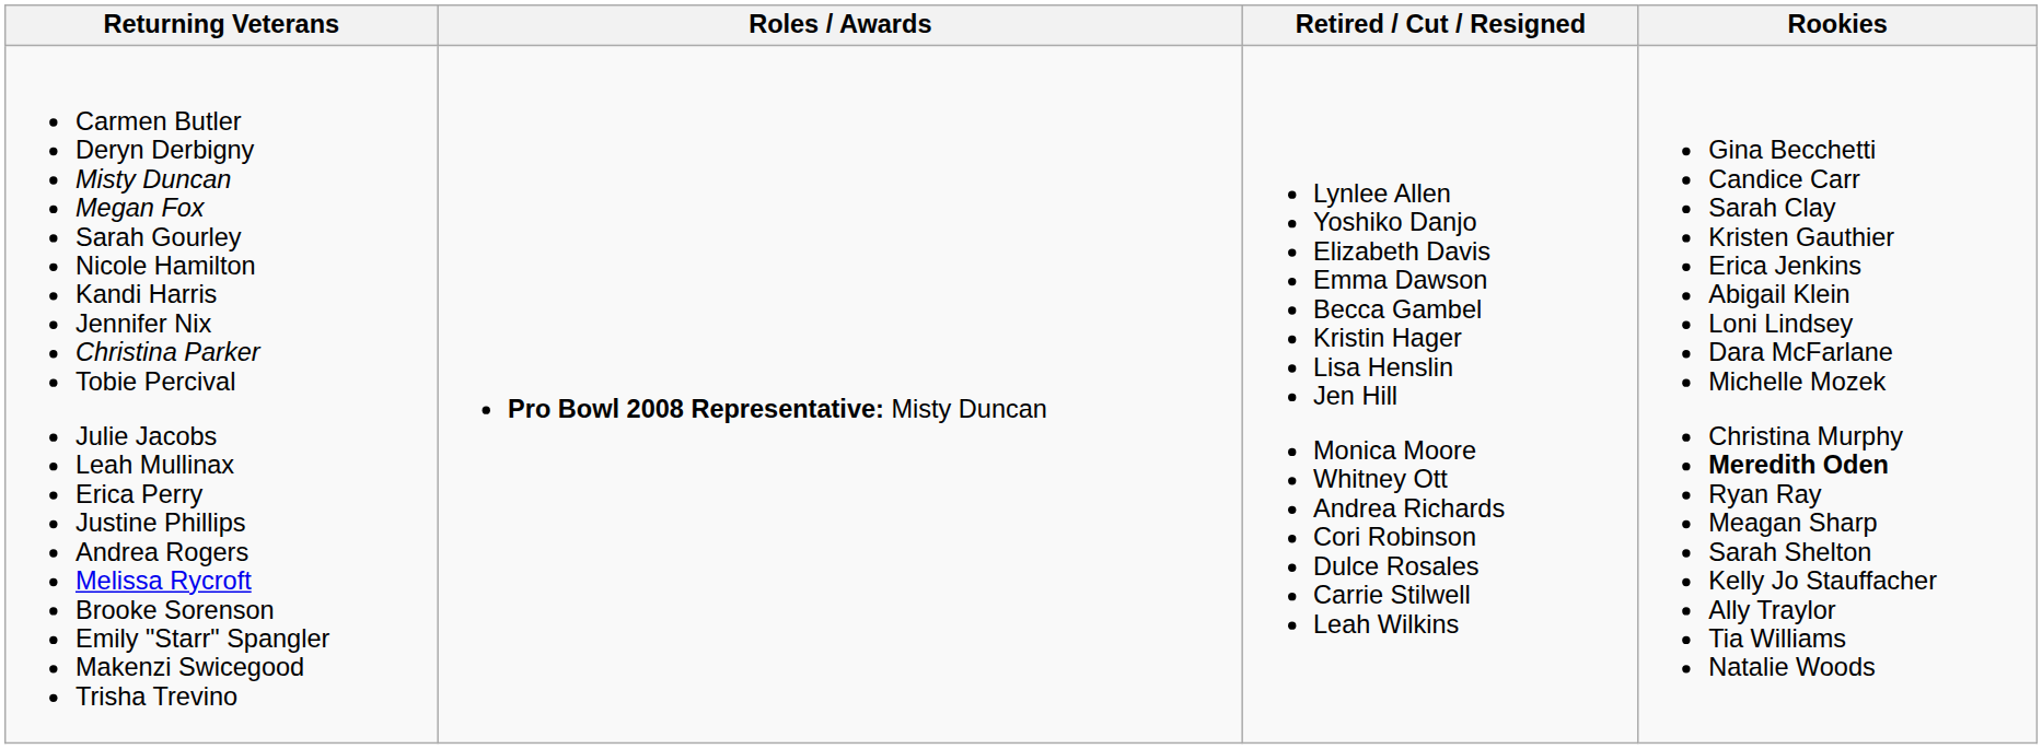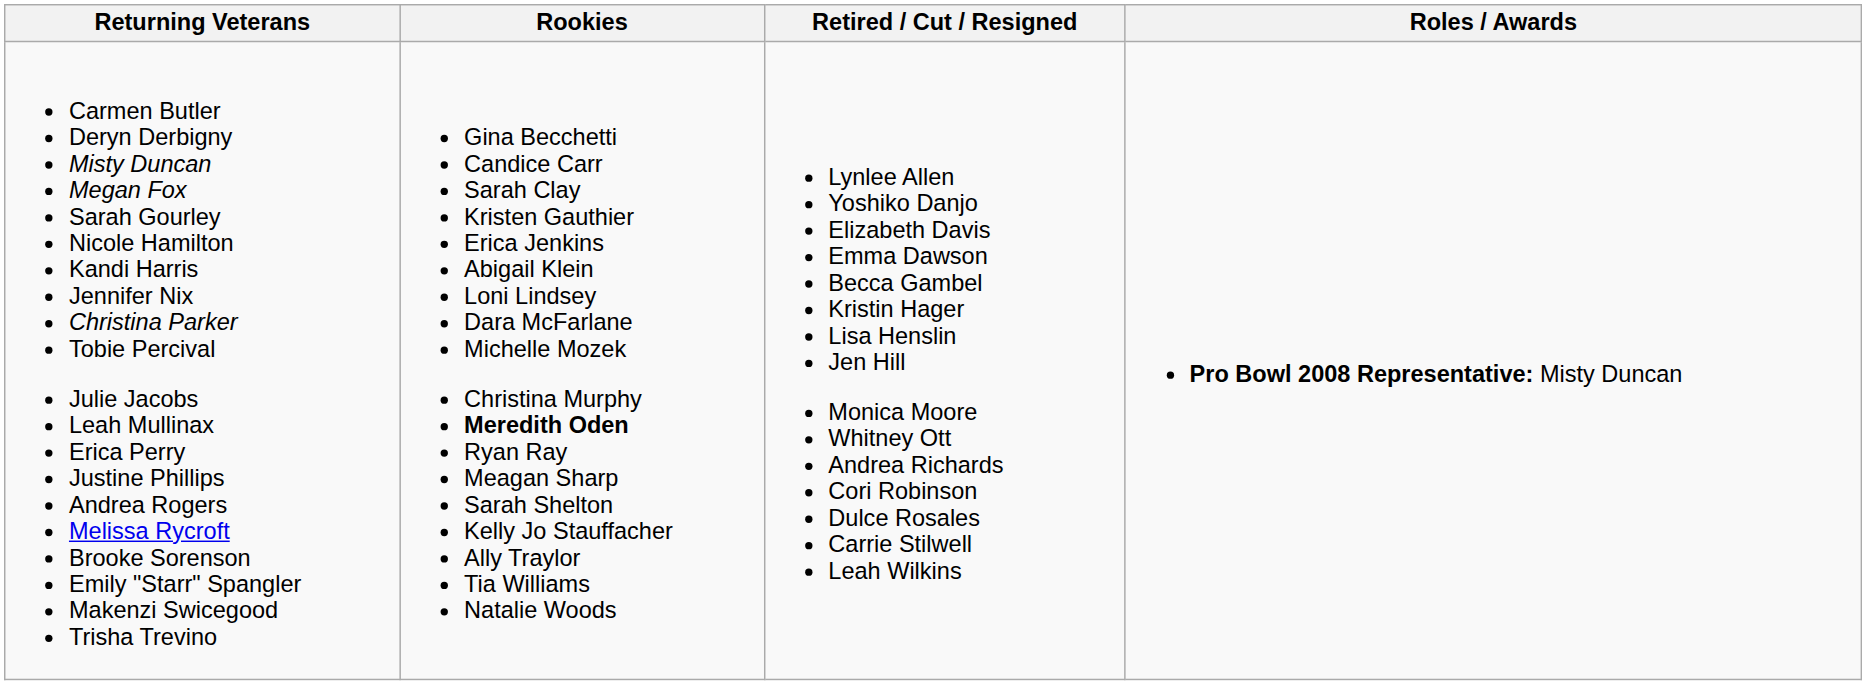 <table class="wikitable" style="width:100%;">
 <tr>
 <th>Returning Veterans</th>
+<th>Rookies</th>
+<th>Retired / Cut / Resigned</th>
 <th>Roles / Awards</th>
-<th>Retired / Cut / Resigned</th>
-<th>Rookies</th>
 </tr>
 <tr>
 <td><br><ul><li>Carmen Butler</li><li>Deryn Derbigny</li><li><em>Misty Duncan</em></li><li><em>Megan Fox</em></li><li>Sarah Gourley</li><li>Nicole Hamilton</li><li>Kandi Harris</li><li>Jennifer Nix</li><li><em>Christina Parker</em></li><li>Tobie Percival</li></ul><ul><li>Julie Jacobs</li><li>Leah Mullinax</li><li>Erica Perry</li><li>Justine Phillips</li><li>Andrea Rogers</li><li><a href='#'>Melissa Rycroft</a></li><li>Brooke Sorenson</li><li>Emily "Starr" Spangler</li><li>Makenzi Swicegood</li><li>Trisha Trevino</li></ul></td>
+<td><br><ul><li>Gina Becchetti</li><li>Candice Carr</li><li>Sarah Clay</li><li>Kristen Gauthier</li><li>Erica Jenkins</li><li>Abigail Klein</li><li>Loni Lindsey</li><li>Dara McFarlane</li><li>Michelle Mozek</li></ul><ul><li>Christina Murphy</li><li><strong>Meredith Oden</strong></li><li>Ryan Ray</li><li>Meagan Sharp</li><li>Sarah Shelton</li><li>Kelly Jo Stauffacher</li><li>Ally Traylor</li><li>Tia Williams</li><li>Natalie Woods</li></ul></td>
+<td><br><ul><li>Lynlee Allen </li><li>Yoshiko Danjo </li><li>Elizabeth Davis </li><li>Emma Dawson </li><li>Becca Gambel </li><li>Kristin Hager </li><li>Lisa Henslin </li><li>Jen Hill </li></ul><ul><li>Monica Moore </li><li>Whitney Ott </li><li>Andrea Richards </li><li>Cori Robinson </li><li>Dulce Rosales </li><li>Carrie Stilwell </li><li>Leah Wilkins </li></ul></td>
 <td><br><ul><li><strong>Pro Bowl 2008 Representative:</strong> Misty Duncan</li></ul></td>
-<td><br><ul><li>Lynlee Allen </li><li>Yoshiko Danjo </li><li>Elizabeth Davis </li><li>Emma Dawson </li><li>Becca Gambel </li><li>Kristin Hager </li><li>Lisa Henslin </li><li>Jen Hill </li></ul><ul><li>Monica Moore </li><li>Whitney Ott </li><li>Andrea Richards </li><li>Cori Robinson </li><li>Dulce Rosales </li><li>Carrie Stilwell </li><li>Leah Wilkins </li></ul></td>
-<td><br><ul><li>Gina Becchetti</li><li>Candice Carr</li><li>Sarah Clay</li><li>Kristen Gauthier</li><li>Erica Jenkins</li><li>Abigail Klein</li><li>Loni Lindsey</li><li>Dara McFarlane</li><li>Michelle Mozek</li></ul><ul><li>Christina Murphy</li><li><strong>Meredith Oden</strong></li><li>Ryan Ray</li><li>Meagan Sharp</li><li>Sarah Shelton</li><li>Kelly Jo Stauffacher</li><li>Ally Traylor</li><li>Tia Williams</li><li>Natalie Woods</li></ul></td>
 </tr>
 </table>
